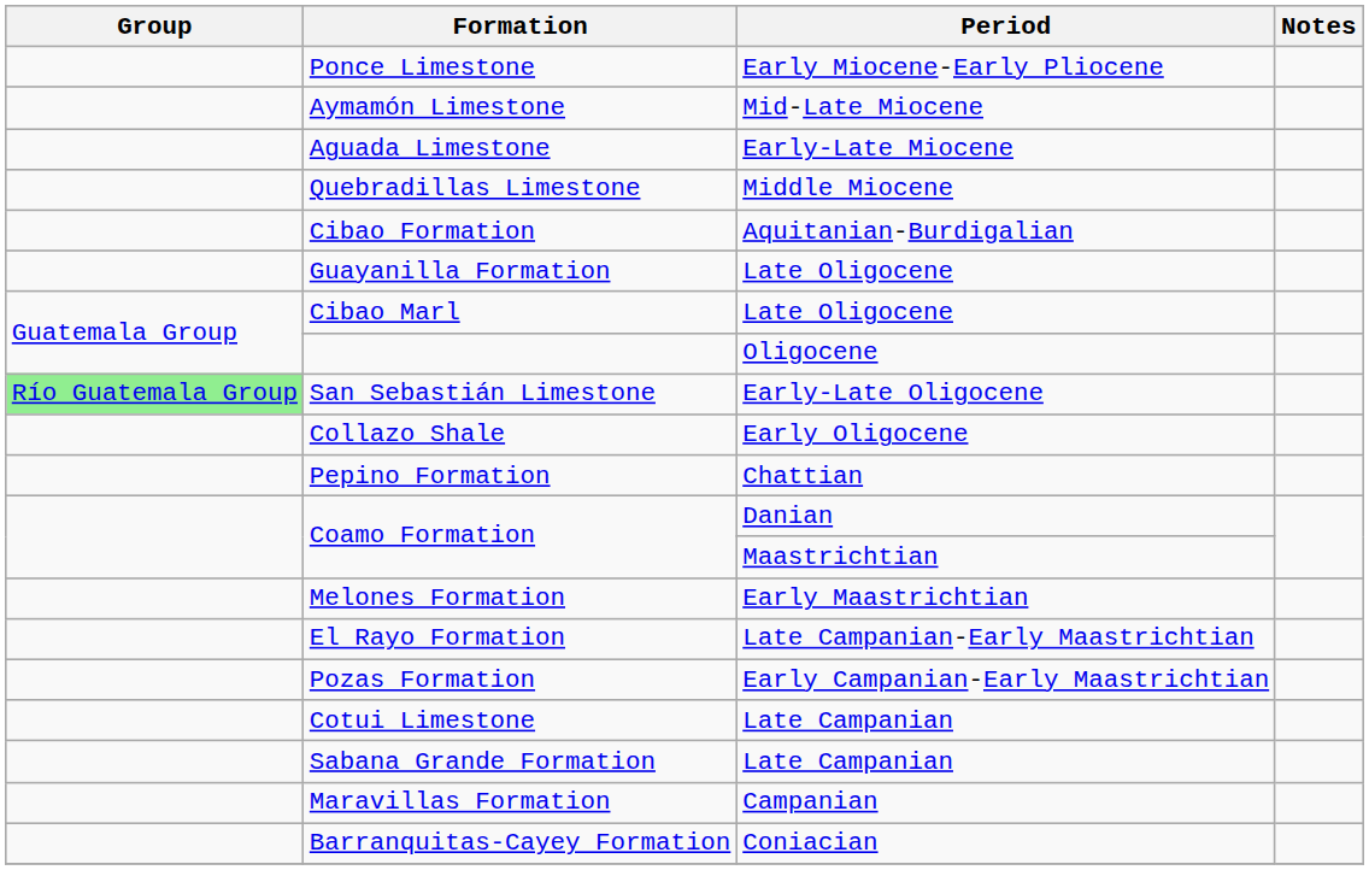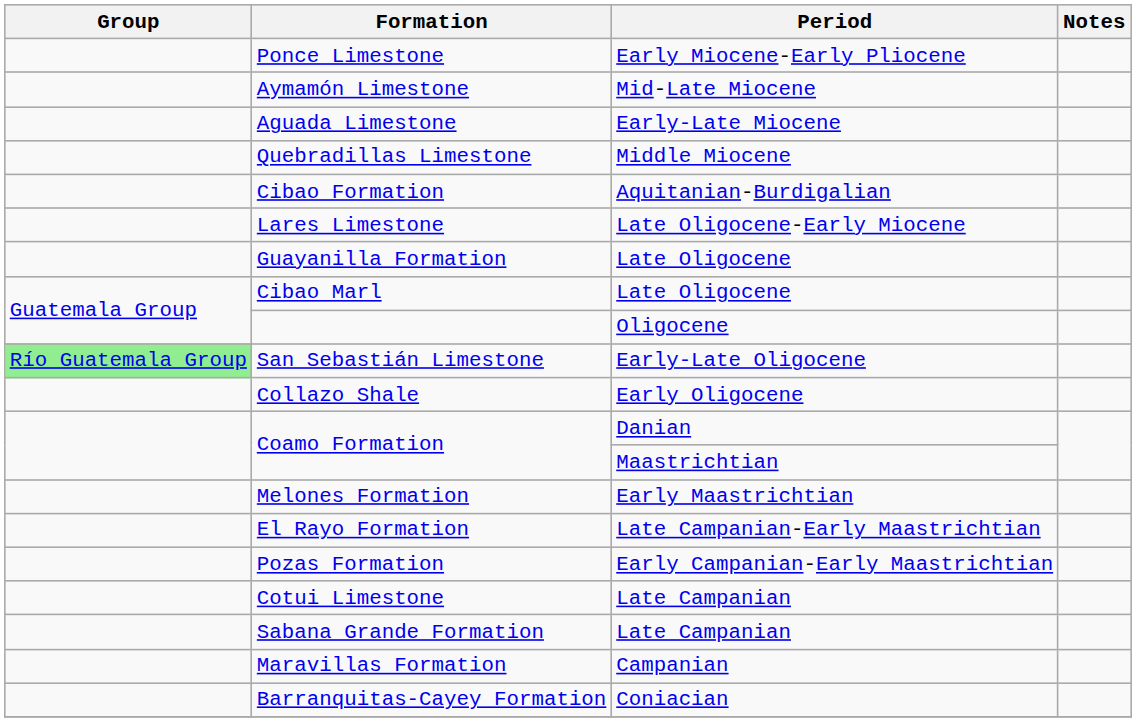 <table class="wikitable sortable">
 <tr>
 <th>Group</th>
 <th>Formation</th>
 <th>Period</th>
 <th class="unsortable">Notes</th>
 </tr>
 <tr>
 <td></td>
 <td><a href='#'>Ponce Limestone</a></td>
 <td style="background-color: "><a href='#'>Early Miocene</a>-<a href='#'>Early Pliocene</a></td>
 <td align=center></td>
 </tr>
 <tr>
 <td></td>
 <td><a href='#'>Aymamón Limestone</a></td>
 <td style="background-color: "><a href='#'>Mid</a>-<a href='#'>Late Miocene</a></td>
 <td align=center></td>
 </tr>
 <tr>
 <td></td>
 <td><a href='#'>Aguada Limestone</a></td>
 <td style="background-color: "><a href='#'>Early-Late Miocene</a></td>
 <td align=center></td>
 </tr>
 <tr>
 <td></td>
 <td><a href='#'>Quebradillas Limestone</a></td>
 <td style="background-color: "><a href='#'>Middle Miocene</a></td>
 <td align=center></td>
 </tr>
 <tr>
 <td></td>
 <td><a href='#'>Cibao Formation</a></td>
 <td style="background-color: "><a href='#'>Aquitanian</a>-<a href='#'>Burdigalian</a></td>
 <td align=center></td>
 </tr>
 <tr>
 <td></td>
+<td><a href='#'>Lares Limestone</a></td>
+<td style="background-color: "><a href='#'>Late Oligocene</a>-<a href='#'>Early Miocene</a></td>
+<td align=center></td>
+</tr>
+<tr>
+<td></td>
 <td><a href='#'>Guayanilla Formation</a></td>
 <td style="background-color: "><a href='#'>Late Oligocene</a></td>
 <td align=center></td>
 </tr>
 <tr>
 <td rowspan=2><a href='#'>Guatemala Group</a></td>
 <td><a href='#'>Cibao Marl</a></td>
 <td style="background-color: "><a href='#'>Late Oligocene</a></td>
 <td align=center></td>
 </tr>
 <tr>
 <td></td>
 <td style="background-color: "><a href='#'>Oligocene</a></td>
 <td align=center></td>
 </tr>
 <tr>
 <td style="background: lightgreen;"><a href='#'>Río Guatemala Group</a></td>
 <td><a href='#'>San Sebastián Limestone</a></td>
 <td style="background-color: "><a href='#'>Early-Late Oligocene</a></td>
 <td align=center></td>
 </tr>
 <tr>
 <td></td>
 <td><a href='#'>Collazo Shale</a></td>
 <td style="background-color: "><a href='#'>Early Oligocene</a></td>
-<td align=center></td>
-</tr>
-<tr>
-<td></td>
-<td><a href='#'>Pepino Formation</a></td>
-<td style="background-color: "><a href='#'>Chattian</a></td>
 <td align=center></td>
 </tr>
 <tr>
 <td rowspan=2></td>
 <td rowspan=2><a href='#'>Coamo Formation</a></td>
 <td style="background-color: "><a href='#'>Danian</a></td>
 <td align=center rowspan=2></td>
 </tr>
 <tr>
 <td style="background-color: "><a href='#'>Maastrichtian</a></td>
 </tr>
 <tr>
 <td></td>
 <td><a href='#'>Melones Formation</a></td>
 <td style="background-color: "><a href='#'>Early Maastrichtian</a></td>
 <td align=center></td>
 </tr>
 <tr>
 <td></td>
 <td><a href='#'>El Rayo Formation</a></td>
 <td style="background-color: "><a href='#'>Late Campanian</a>-<a href='#'>Early Maastrichtian</a></td>
 <td align=center></td>
 </tr>
 <tr>
 <td></td>
 <td><a href='#'>Pozas Formation</a></td>
 <td style="background-color: "><a href='#'>Early Campanian</a>-<a href='#'>Early Maastrichtian</a></td>
 <td align=center></td>
 </tr>
 <tr>
 <td></td>
 <td><a href='#'>Cotui Limestone</a></td>
 <td style="background-color: "><a href='#'>Late Campanian</a></td>
 <td align=center></td>
 </tr>
 <tr>
 <td></td>
 <td><a href='#'>Sabana Grande Formation</a></td>
 <td style="background-color: "><a href='#'>Late Campanian</a></td>
 <td align=center></td>
 </tr>
 <tr>
 <td></td>
 <td><a href='#'>Maravillas Formation</a></td>
 <td style="background-color: "><a href='#'>Campanian</a></td>
 <td align=center></td>
 </tr>
 <tr>
 <td></td>
 <td><a href='#'>Barranquitas-Cayey Formation</a></td>
 <td style="background-color: "><a href='#'>Coniacian</a></td>
 <td align=center></td>
 </tr>
 <tr>
 </tr>
 </table>
